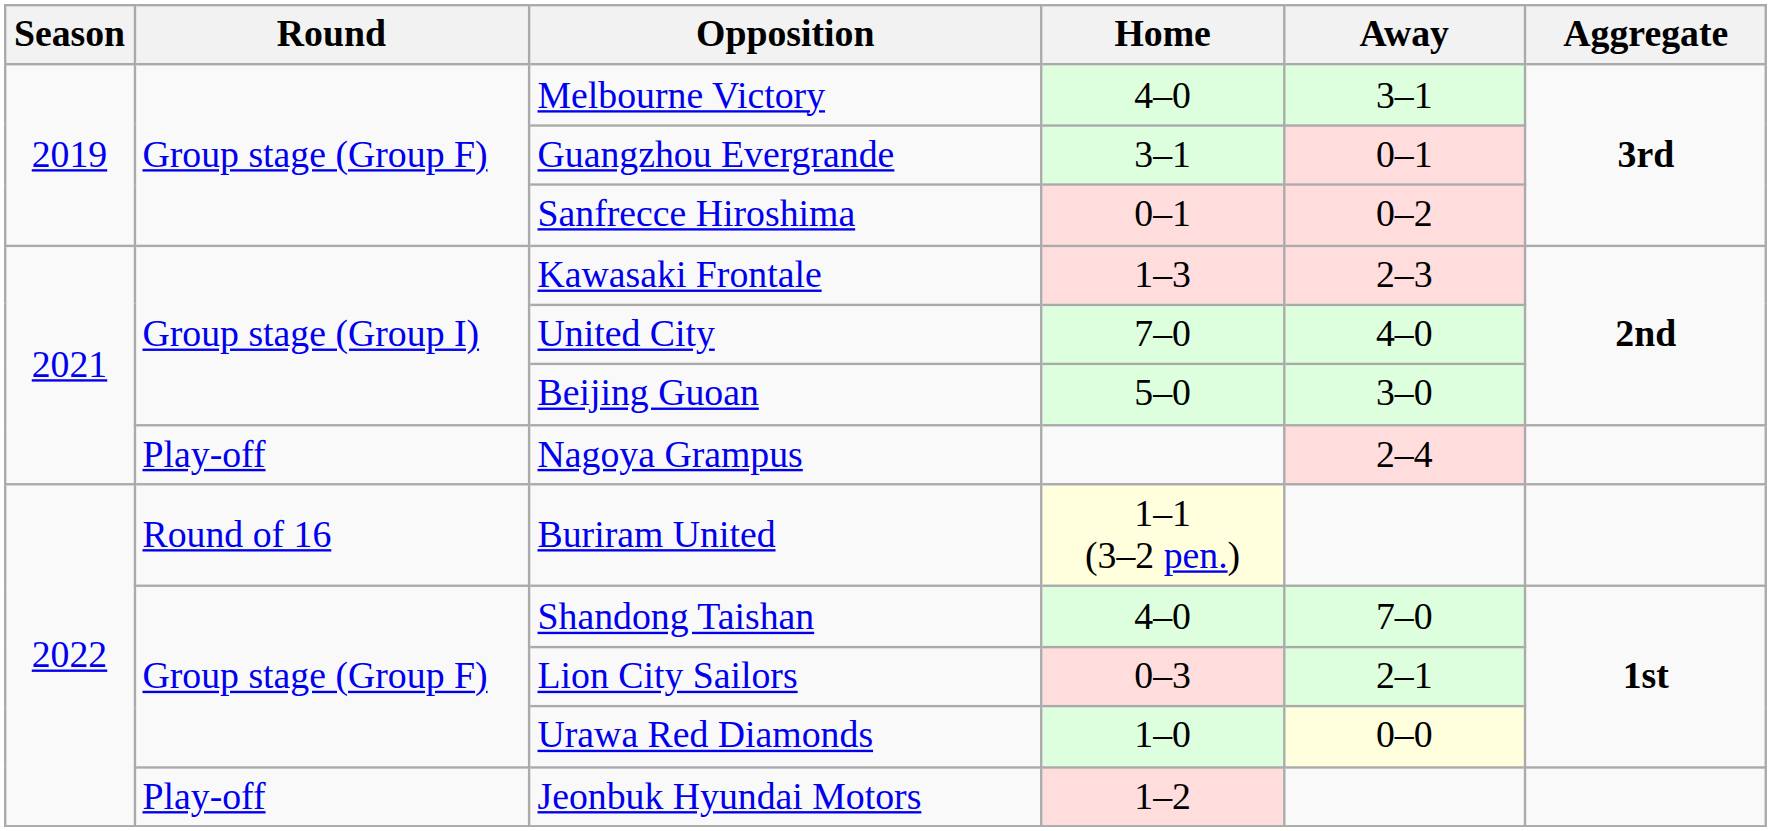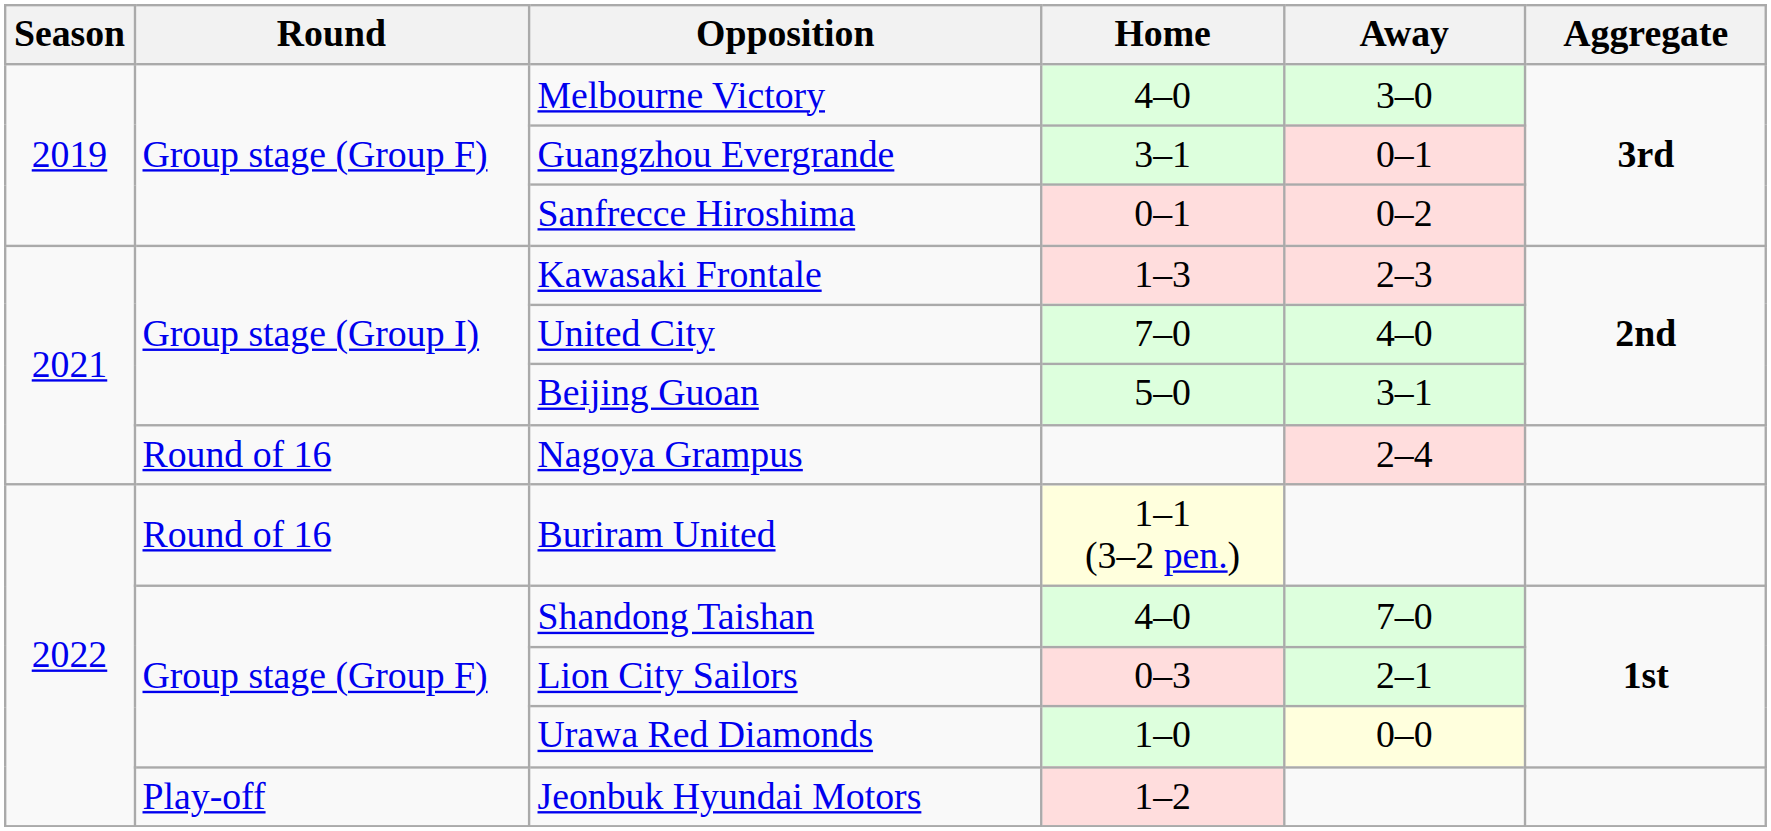 <table class="wikitable" style="text-align:left">
 <tr>
 <th>Season</th>
 <th width="160">Round</th>
 <th width="210">Opposition</th>
 <th width="95">Home</th>
 <th width="95">Away</th>
 <th width="95">Aggregate</th>
 </tr>
 <tr>
 <td rowspan="3" style="text-align:center"><a href='#'>2019</a></td>
 <td rowspan="3"><a href='#'>Group stage (Group F)</a></td>
 <td> <a href='#'>Melbourne Victory</a></td>
 <td style="text-align:center; background:#DDFFDD;">4–0</td>
-<td style="text-align:center; background:#DDFFDD;">3–1</td>
+<td style="text-align:center; background:#DDFFDD;">3–0</td>
 <td rowspan="3" style="text-align:center;"><strong>3rd</strong></td>
 </tr>
 <tr>
 <td> <a href='#'>Guangzhou Evergrande</a></td>
 <td style="text-align:center; background:#DDFFDD;">3–1</td>
 <td style="text-align:center; background:#FFDDDD;">0–1</td>
 </tr>
 <tr>
 <td> <a href='#'>Sanfrecce Hiroshima</a></td>
 <td style="text-align:center; background:#FFDDDD;">0–1</td>
 <td style="text-align:center; background:#FFDDDD;">0–2</td>
 </tr>
 <tr>
 <td rowspan="4" style="text-align:center;"><a href='#'>2021</a></td>
 <td rowspan="3"><a href='#'>Group stage (Group I)</a></td>
 <td> <a href='#'>Kawasaki Frontale</a></td>
 <td style="text-align:center; background:#FFDDDD;">1–3</td>
 <td style="text-align:center; background:#FFDDDD;">2–3</td>
 <td rowspan="3" style="text-align:center"><strong>2nd</strong></td>
 </tr>
 <tr>
 <td> <a href='#'>United City</a></td>
 <td style="text-align:center; background:#DDFFDD;">7–0</td>
 <td style="text-align:center; background:#DDFFDD;">4–0</td>
 </tr>
 <tr>
 <td> <a href='#'>Beijing Guoan</a></td>
 <td style="text-align:center; background:#DDFFDD;">5–0</td>
-<td style="text-align:center; background:#DDFFDD;">3–0</td>
+<td style="text-align:center; background:#DDFFDD;">3–1</td>
 </tr>
 <tr>
-<td><a href='#'>Play-off</a></td>
+<td><a href='#'>Round of 16</a></td>
 <td> <a href='#'>Nagoya Grampus</a></td>
 <td></td>
 <td style="text-align:center; background:#FFDDDD;">2–4</td>
 <td></td>
 </tr>
 <tr>
 <td rowspan="5" style="text-align:center;"><a href='#'>2022</a></td>
 <td><a href='#'>Round of 16</a></td>
 <td> <a href='#'>Buriram United</a></td>
 <td style="text-align:center; background:#FFFFDD;">1–1  <br> (3–2 <a href='#'>pen.</a>)</td>
 <td></td>
 <td></td>
 </tr>
 <tr>
 <td rowspan="3"><a href='#'>Group stage (Group F)</a></td>
 <td> <a href='#'>Shandong Taishan</a></td>
 <td style="text-align:center; background:#DDFFDD;">4–0</td>
 <td style="text-align:center; background:#DDFFDD;">7–0</td>
 <td rowspan="3" style="text-align:center"><strong>1st</strong></td>
 </tr>
 <tr>
 <td> <a href='#'>Lion City Sailors</a></td>
 <td style="text-align:center; background:#FFDDDD;">0–3</td>
 <td style="text-align:center; background:#DDFFDD;">2–1</td>
 </tr>
 <tr>
 <td> <a href='#'>Urawa Red Diamonds</a></td>
 <td style="text-align:center; background:#DDFFDD;">1–0</td>
 <td style="text-align:center; background:#FFFFDD;">0–0</td>
 </tr>
 <tr>
 <td><a href='#'>Play-off</a></td>
 <td> <a href='#'>Jeonbuk Hyundai Motors</a></td>
 <td style="text-align:center; background:#FFDDDD;">1–2 </td>
 <td></td>
 <td></td>
 </tr>
 <tr>
 </tr>
 </table>
